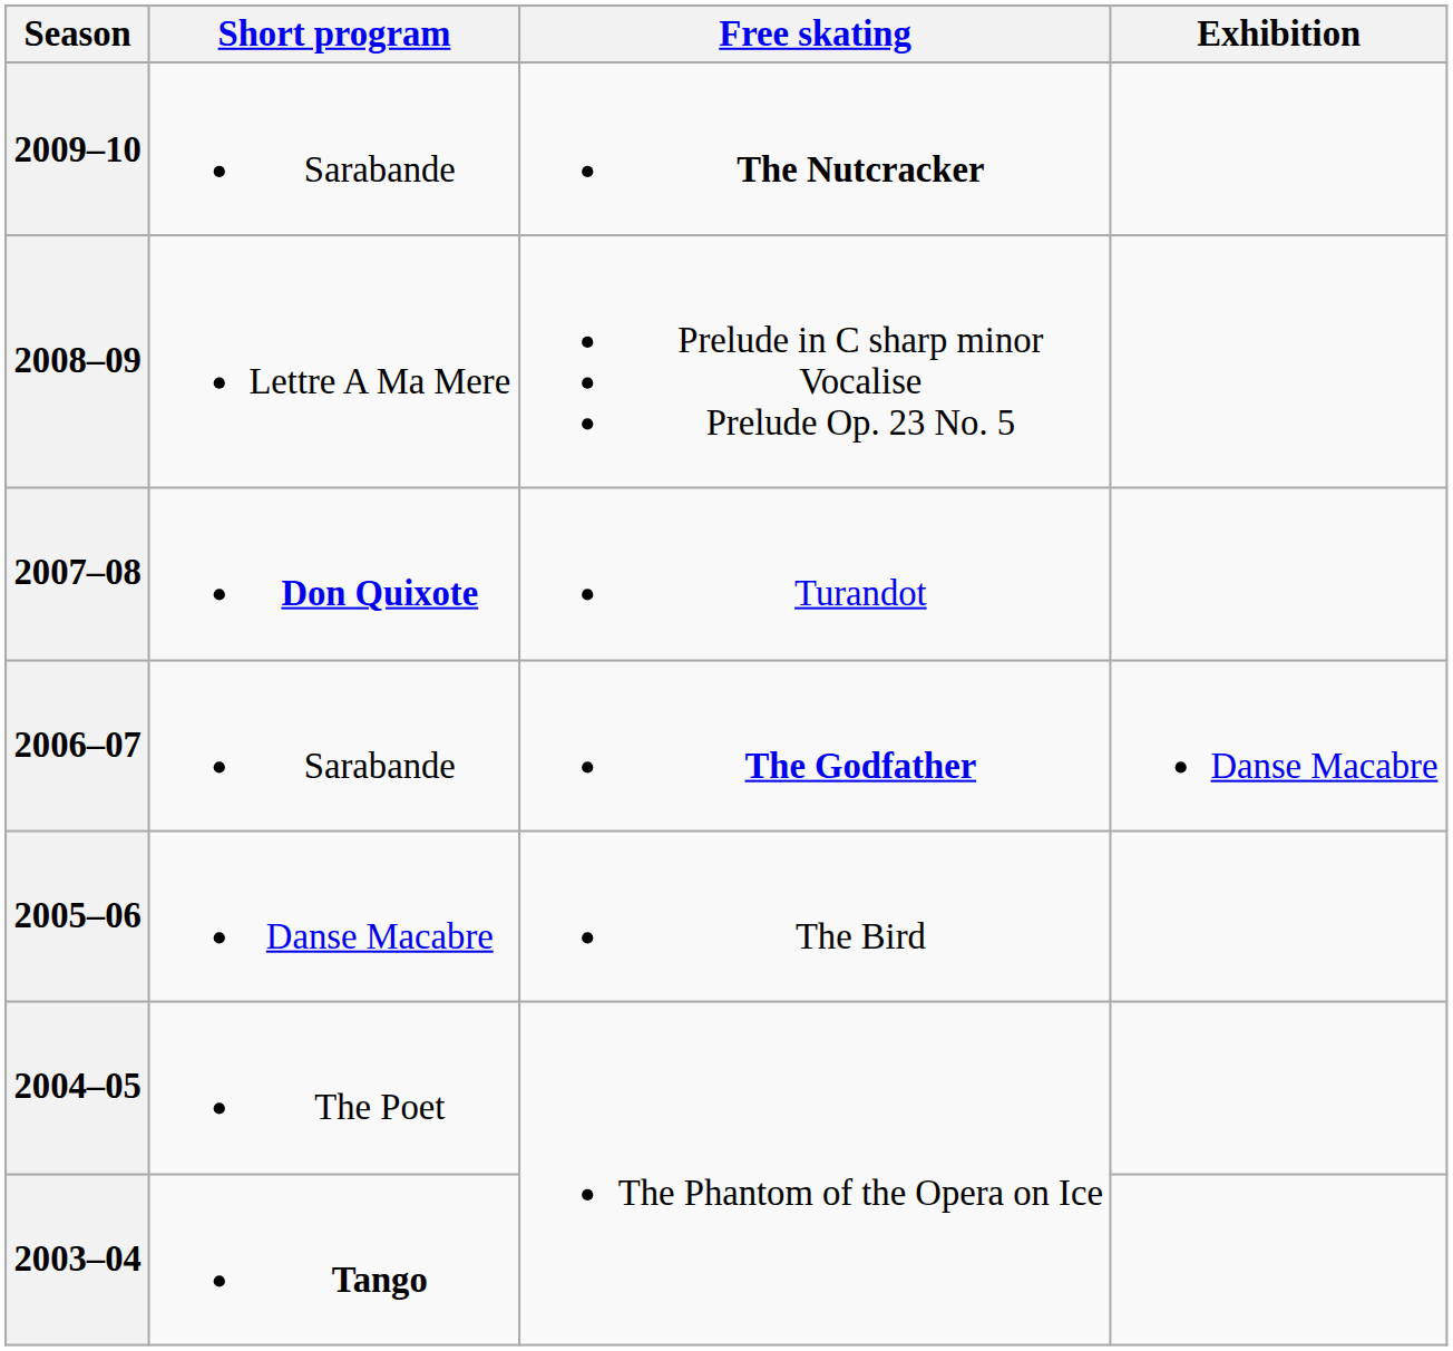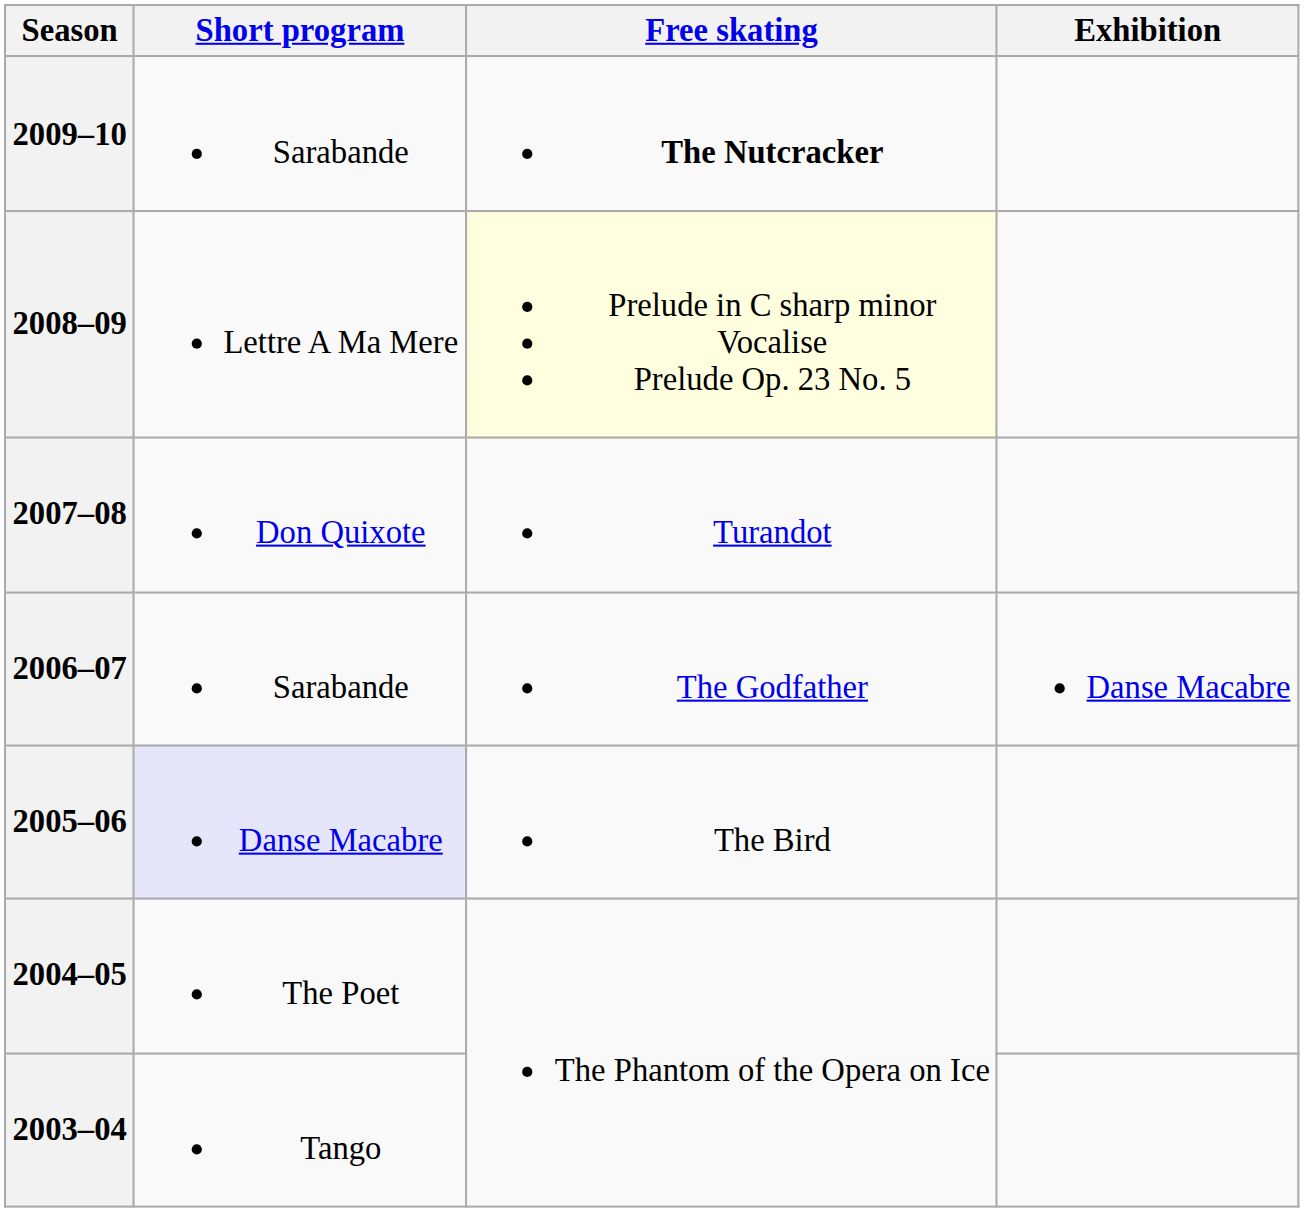 <table class="wikitable" style="text-align:center">
 <tr>
 <th>Season</th>
 <th><a href='#'>Short program</a></th>
 <th><a href='#'>Free skating</a></th>
 <th>Exhibition</th>
 </tr>
 <tr>
 <th>2009–10<br></th>
 <td><br><ul><li>Sarabande <br></li></ul></td>
 <td><strong><br><ul><li>The Nutcracker <br></li></ul></strong></td>
 <td></td>
 </tr>
 <tr>
 <th>2008–09<br></th>
 <td><br><ul><li>Lettre A Ma Mere <br></li></ul></td>
-<td><br><ul><li>Prelude in C sharp minor</li><li>Vocalise</li><li>Prelude Op. 23 No. 5 <br></li></ul></td>
+<td style="background: lightyellow;"><br><ul><li>Prelude in C sharp minor</li><li>Vocalise</li><li>Prelude Op. 23 No. 5 <br></li></ul></td>
 <td></td>
 </tr>
 <tr>
 <th>2007–08<br></th>
-<td><strong><br><ul><li><a href='#'>Don Quixote</a> <br></li></ul></strong></td>
+<td><br><ul><li><a href='#'>Don Quixote</a> <br></li></ul></td>
 <td><br><ul><li><a href='#'>Turandot</a> <br></li></ul></td>
 <td></td>
 </tr>
 <tr>
 <th>2006–07<br></th>
 <td><br><ul><li>Sarabande <br></li></ul></td>
-<td><strong><br><ul><li><a href='#'>The Godfather</a> <br></li></ul></strong></td>
+<td><br><ul><li><a href='#'>The Godfather</a> <br></li></ul></td>
 <td><br><ul><li><a href='#'>Danse Macabre</a> <br></li></ul></td>
 </tr>
 <tr>
 <th>2005–06<br></th>
-<td><br><ul><li><a href='#'>Danse Macabre</a> <br></li></ul></td>
+<td style="background: lavender;"><br><ul><li><a href='#'>Danse Macabre</a> <br></li></ul></td>
 <td><br><ul><li>The Bird <br></li></ul></td>
 <td></td>
 </tr>
 <tr>
 <th>2004–05<br></th>
 <td><br><ul><li>The Poet</li></ul></td>
 <td rowspan=2><br><ul><li>The Phantom of the Opera on Ice <br></li></ul></td>
 <td></td>
 </tr>
 <tr>
 <th>2003–04<br></th>
-<td><strong><br><ul><li>Tango</li></ul></strong></td>
+<td><br><ul><li>Tango</li></ul></td>
 <td></td>
 </tr>
 </table>
